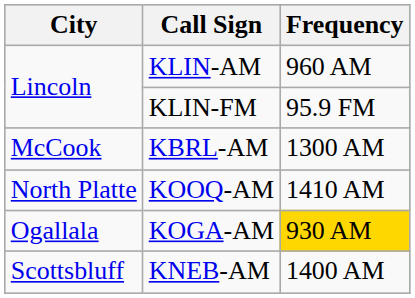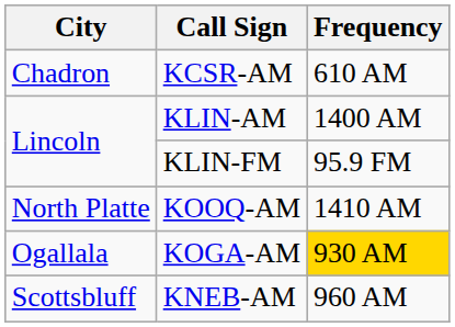 <table class="wikitable">
 <tr>
 <th>City</th>
 <th>Call Sign</th>
 <th>Frequency</th>
 </tr>
 <tr>
+<td><a href='#'>Chadron</a></td>
+<td><a href='#'>KCSR</a>-AM</td>
+<td>610 AM</td>
+</tr>
+<tr>
 <td rowspan=2><a href='#'>Lincoln</a></td>
 <td><a href='#'>KLIN</a>-AM</td>
-<td>960 AM</td>
+<td>1400 AM</td>
 </tr>
 <tr>
 <td>KLIN-FM</td>
 <td>95.9 FM</td>
-</tr>
-<tr>
-<td><a href='#'>McCook</a></td>
-<td><a href='#'>KBRL</a>-AM</td>
-<td>1300 AM</td>
 </tr>
 <tr>
 <td><a href='#'>North Platte</a></td>
 <td><a href='#'>KOOQ</a>-AM</td>
 <td>1410 AM</td>
 </tr>
 <tr>
 <td><a href='#'>Ogallala</a></td>
 <td><a href='#'>KOGA</a>-AM</td>
 <td style="background: gold;">930 AM</td>
 </tr>
 <tr>
 <td><a href='#'>Scottsbluff</a></td>
 <td><a href='#'>KNEB</a>-AM</td>
-<td>1400 AM</td>
+<td>960 AM</td>
 </tr>
 </table>
